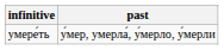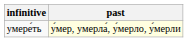 <table class="wikitable">
 <tr>
 <th>infinitive</th>
 <th>past</th>
 </tr>
 <tr>
 <td>умере́ть</td>
-<td>у́мер, умерла́, у́мерло, у́мерли</td>
+<td style="background: lightyellow;">у́мер, умерла́, у́мерло, у́мерли</td>
 </tr>
 </table>
